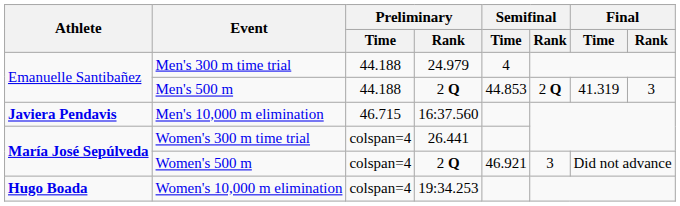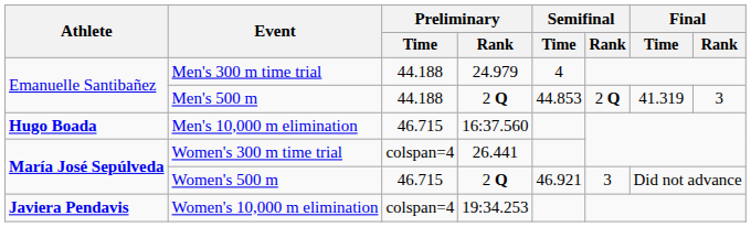 <table class=wikitable style=font-size:90%;text-align:center>
 <tr>
 <th rowspan=2>Athlete</th>
 <th rowspan=2>Event</th>
 <th colspan=2>Preliminary</th>
 <th colspan=2>Semifinal</th>
 <th colspan=2>Final</th>
 </tr>
 <tr style=font-size:95%>
 <th>Time</th>
 <th>Rank</th>
 <th>Time</th>
 <th>Rank</th>
 <th>Time</th>
 <th>Rank</th>
 </tr>
 <tr>
 <td style="text-align:left" rowspan=2><a href='#'>Emanuelle Santibañez</a></td>
 <td style="text-align:left"><a href='#'>Men's 300 m time trial</a></td>
 <td>44.188</td>
 <td>24.979</td>
 <td>4</td>
 </tr>
 <tr>
 <td style="text-align:left"><a href='#'>Men's 500 m</a></td>
 <td>44.188</td>
 <td>2 <strong>Q</strong></td>
 <td>44.853</td>
 <td>2 <strong>Q</strong></td>
 <td>41.319</td>
 <td>3</td>
 </tr>
 <tr>
-<td style="text-align:left"><strong><a href='#'>Javiera Pendavis</a></strong></td>
+<td style="text-align:left"><strong><a href='#'>Hugo Boada</a></strong></td>
 <td style="text-align:left"><a href='#'>Men's 10,000 m elimination</a></td>
 <td>46.715</td>
 <td>16:37.560</td>
 <td></td>
 </tr>
 <tr>
 <td style="text-align:left" rowspan=2><strong><a href='#'>María José Sepúlveda</a></strong></td>
 <td style="text-align:left"><a href='#'>Women's 300 m time trial</a></td>
 <td>colspan=4 </td>
 <td>26.441</td>
 <td></td>
 </tr>
 <tr>
 <td style="text-align:left"><a href='#'>Women's 500 m</a></td>
-<td>colspan=4 </td>
+<td>46.715</td>
 <td>2 <strong>Q</strong></td>
 <td>46.921</td>
 <td>3</td>
 <td colspan=2>Did not advance</td>
 </tr>
 <tr>
-<td style="text-align:left"><strong><a href='#'>Hugo Boada</a></strong></td>
+<td style="text-align:left"><strong><a href='#'>Javiera Pendavis</a></strong></td>
 <td style="text-align:left"><a href='#'>Women's 10,000 m elimination</a></td>
 <td>colspan=4 </td>
 <td>19:34.253</td>
 <td></td>
 </tr>
 </table>
